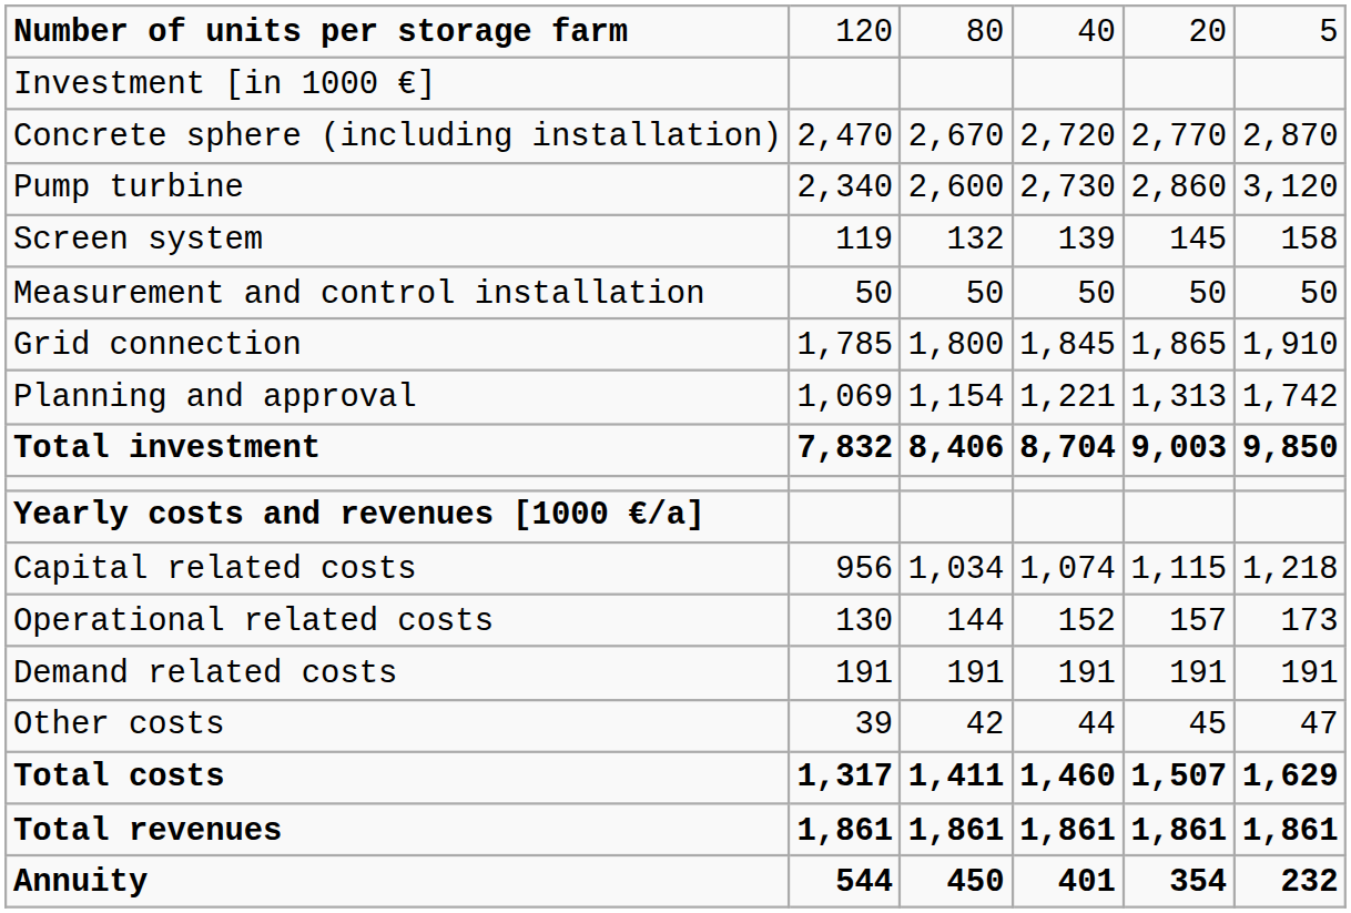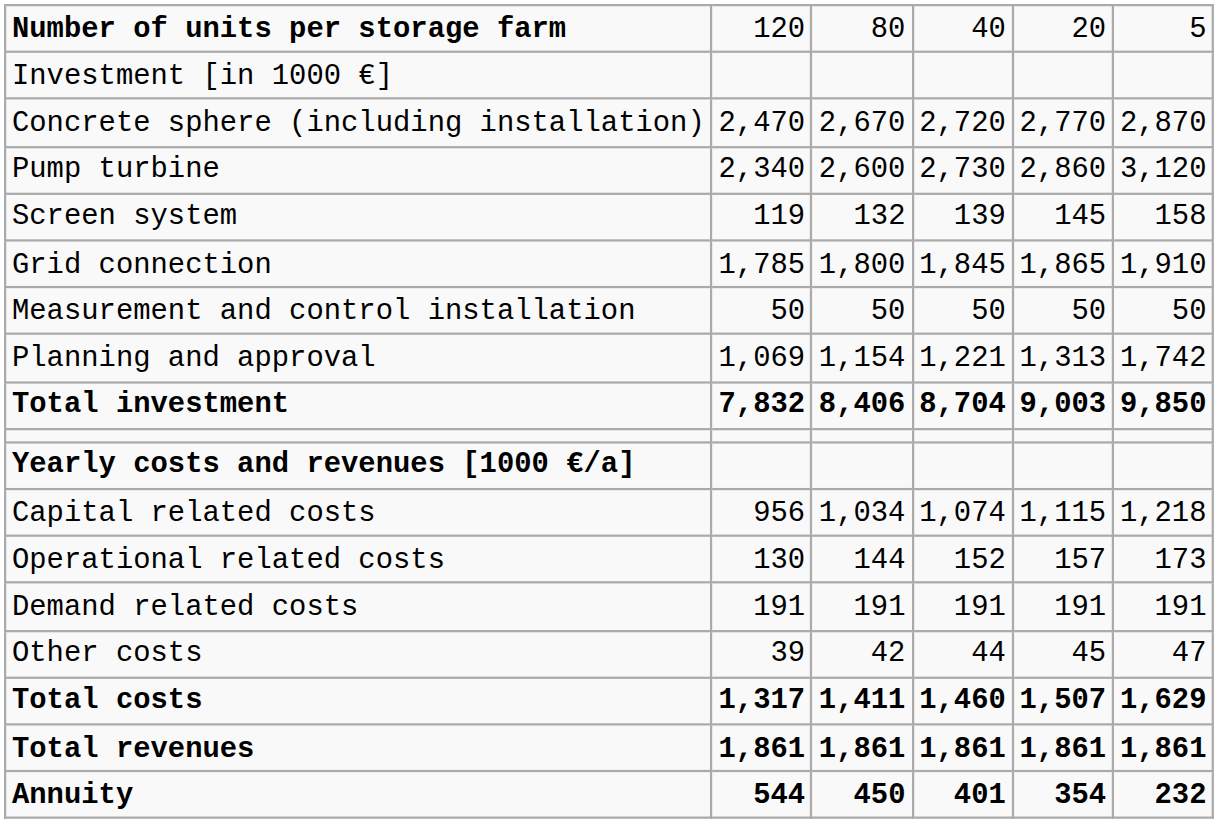 <table class="wikitable mw-collapsible" style="text-align:right">
 <tr>
 <td style="text-align:left;"><strong>Number of units per storage farm</strong></td>
 <td>120</td>
 <td>80</td>
 <td>40</td>
 <td>20</td>
 <td>5</td>
 </tr>
 <tr>
 <td style="text-align:left;">Investment [in 1000 €]</td>
 <td></td>
 <td></td>
 <td></td>
 <td></td>
 <td></td>
 </tr>
 <tr>
 <td style="text-align:left;">Concrete sphere (including installation)</td>
 <td>2,470</td>
 <td>2,670</td>
 <td>2,720</td>
 <td>2,770</td>
 <td>2,870</td>
 </tr>
 <tr>
 <td style="text-align:left;">Pump turbine</td>
 <td>2,340</td>
 <td>2,600</td>
 <td>2,730</td>
 <td>2,860</td>
 <td>3,120</td>
 </tr>
 <tr>
 <td style="text-align:left;">Screen system</td>
 <td>119</td>
 <td>132</td>
 <td>139</td>
 <td>145</td>
 <td>158</td>
 </tr>
 <tr>
+<td style="text-align:left;">Grid connection</td>
+<td>1,785</td>
+<td>1,800</td>
+<td>1,845</td>
+<td>1,865</td>
+<td>1,910</td>
+</tr>
+<tr>
 <td style="text-align:left;">Measurement and control installation</td>
 <td>50</td>
 <td>50</td>
 <td>50</td>
 <td>50</td>
 <td>50</td>
-</tr>
-<tr>
-<td style="text-align:left;">Grid connection</td>
-<td>1,785</td>
-<td>1,800</td>
-<td>1,845</td>
-<td>1,865</td>
-<td>1,910</td>
 </tr>
 <tr>
 <td style="text-align:left;">Planning and approval</td>
 <td>1,069</td>
 <td>1,154</td>
 <td>1,221</td>
 <td>1,313</td>
 <td>1,742</td>
 </tr>
 <tr>
 <td style="text-align:left;"><strong>Total investment</strong></td>
 <td><strong>7,832</strong></td>
 <td><strong>8,406</strong></td>
 <td><strong>8,704</strong></td>
 <td><strong>9,003</strong></td>
 <td><strong>9,850</strong></td>
 </tr>
 <tr>
 <td></td>
 <td></td>
 <td></td>
 <td></td>
 <td></td>
 <td></td>
 </tr>
 <tr>
 <td style="text-align:left;"><strong>Yearly costs and revenues  [1000 €/a]</strong></td>
 <td></td>
 <td></td>
 <td></td>
 <td></td>
 <td></td>
 </tr>
 <tr>
 <td style="text-align:left;">Capital related costs</td>
 <td>956</td>
 <td>1,034</td>
 <td>1,074</td>
 <td>1,115</td>
 <td>1,218</td>
 </tr>
 <tr>
 <td style="text-align:left;">Operational related costs</td>
 <td>130</td>
 <td>144</td>
 <td>152</td>
 <td>157</td>
 <td>173</td>
 </tr>
 <tr>
 <td style="text-align:left;">Demand related costs</td>
 <td>191</td>
 <td>191</td>
 <td>191</td>
 <td>191</td>
 <td>191</td>
 </tr>
 <tr>
 <td style="text-align:left;">Other costs</td>
 <td>39</td>
 <td>42</td>
 <td>44</td>
 <td>45</td>
 <td>47</td>
 </tr>
 <tr>
 <td style="text-align:left;"><strong>Total costs</strong></td>
 <td><strong>1,317</strong></td>
 <td><strong>1,411</strong></td>
 <td><strong>1,460</strong></td>
 <td><strong>1,507</strong></td>
 <td><strong>1,629</strong></td>
 </tr>
 <tr>
 <td style="text-align:left;"><strong>Total revenues</strong></td>
 <td><strong>1,861</strong></td>
 <td><strong>1,861</strong></td>
 <td><strong>1,861</strong></td>
 <td><strong>1,861</strong></td>
 <td><strong>1,861</strong></td>
 </tr>
 <tr>
 <td style="text-align:left;"><strong>Annuity</strong></td>
 <td><strong>544</strong></td>
 <td><strong>450</strong></td>
 <td><strong>401</strong></td>
 <td><strong>354</strong></td>
 <td><strong>232</strong></td>
 </tr>
 </table>
